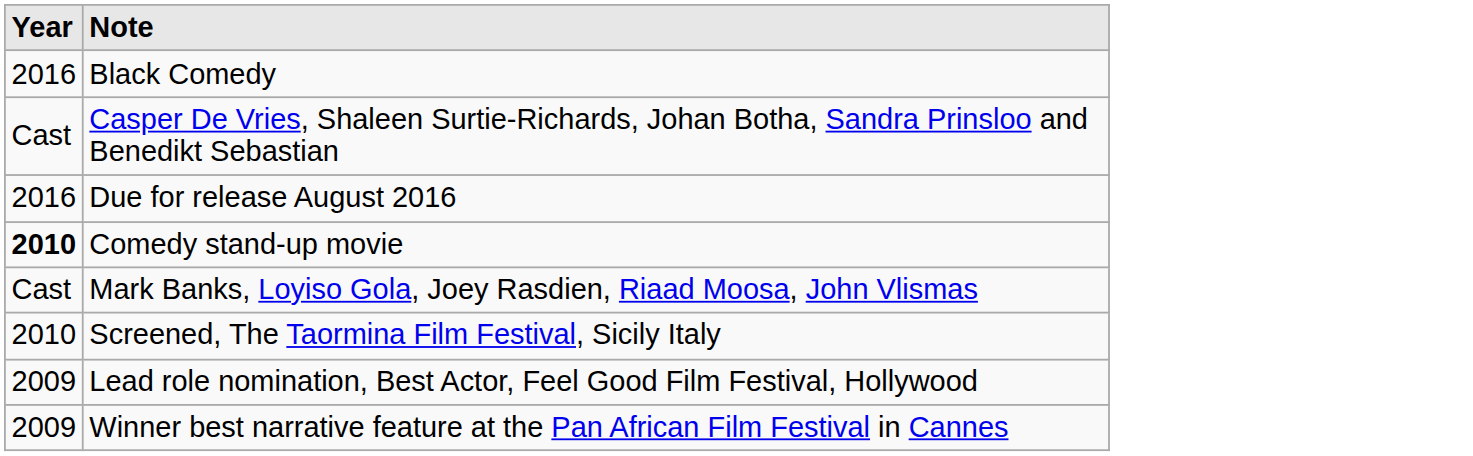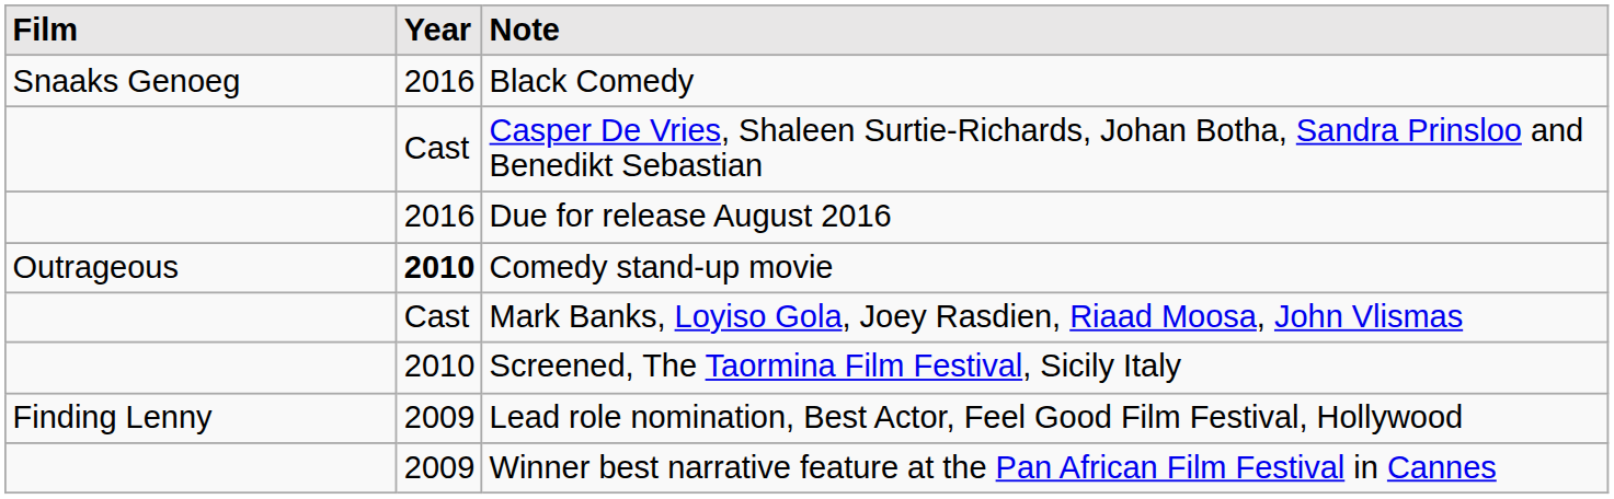 <table class="wikitable" style= style="width:70%;">
 <tr style="background:#e8e7e7;">
+<td scope="col" style="width:190px;"><strong>Film</strong></td>
 <td scope="col" style="width:30px;"><strong>Year</strong></td>
 <td scope="col" style="width:560px;"><strong>Note</strong></td>
 </tr>
 <tr>
+<td>Snaaks Genoeg</td>
 <td>2016</td>
 <td>Black Comedy</td>
 </tr>
 <tr>
+<td></td>
 <td>Cast</td>
 <td><a href='#'>Casper De Vries</a>, Shaleen Surtie-Richards, Johan Botha, <a href='#'>Sandra Prinsloo</a> and Benedikt Sebastian</td>
 </tr>
 <tr>
+<td></td>
 <td>2016</td>
 <td>Due for release August 2016</td>
 </tr>
 <tr>
+<td>Outrageous</td>
 <td><strong>2010</strong></td>
 <td>Comedy stand-up movie</td>
 </tr>
 <tr>
+<td></td>
 <td>Cast</td>
 <td>Mark Banks, <a href='#'>Loyiso Gola</a>, Joey Rasdien, <a href='#'>Riaad Moosa</a>, <a href='#'>John Vlismas</a></td>
 </tr>
 <tr>
+<td></td>
 <td>2010</td>
 <td>Screened, The <a href='#'>Taormina Film Festival</a>, Sicily Italy</td>
 </tr>
 <tr>
+<td>Finding Lenny</td>
 <td>2009</td>
 <td>Lead role nomination, Best Actor, Feel Good Film Festival, Hollywood</td>
 </tr>
 <tr>
+<td></td>
 <td>2009</td>
 <td>Winner best narrative feature at the <a href='#'>Pan African Film Festival</a> in <a href='#'>Cannes</a></td>
 </tr>
 </table>
